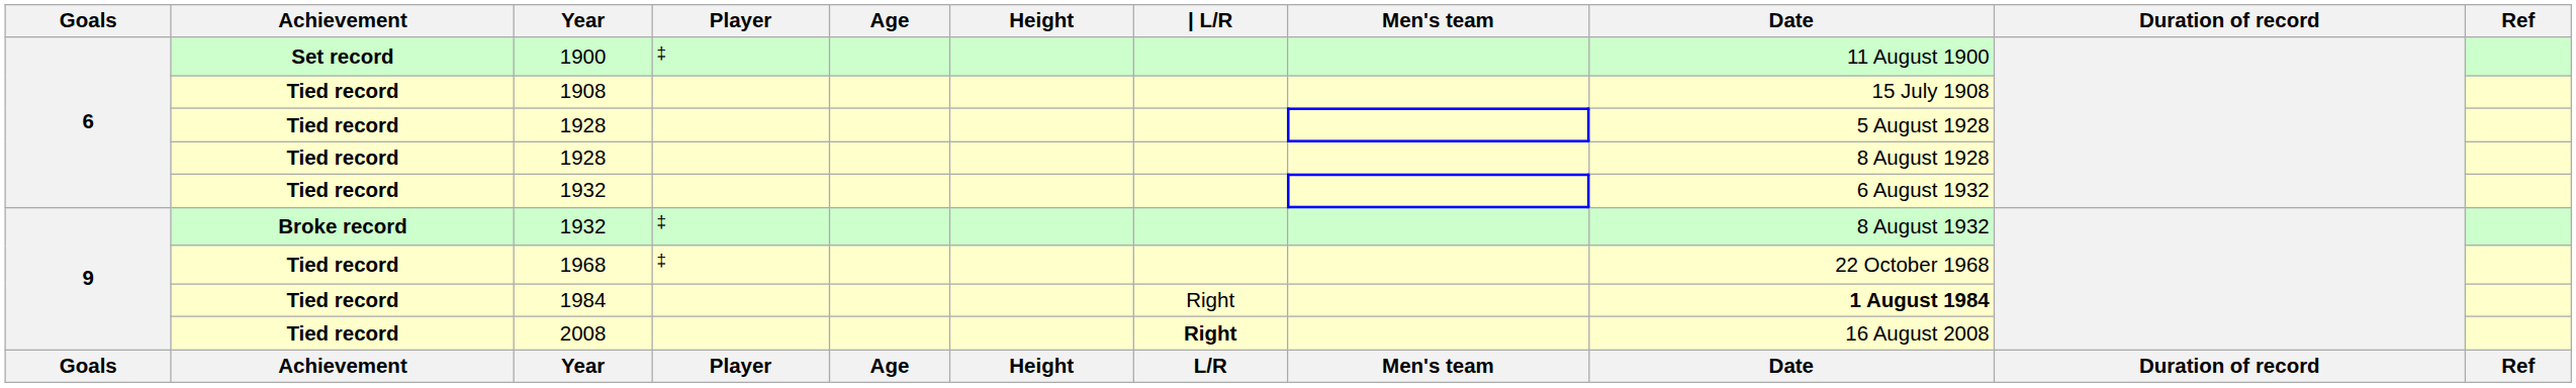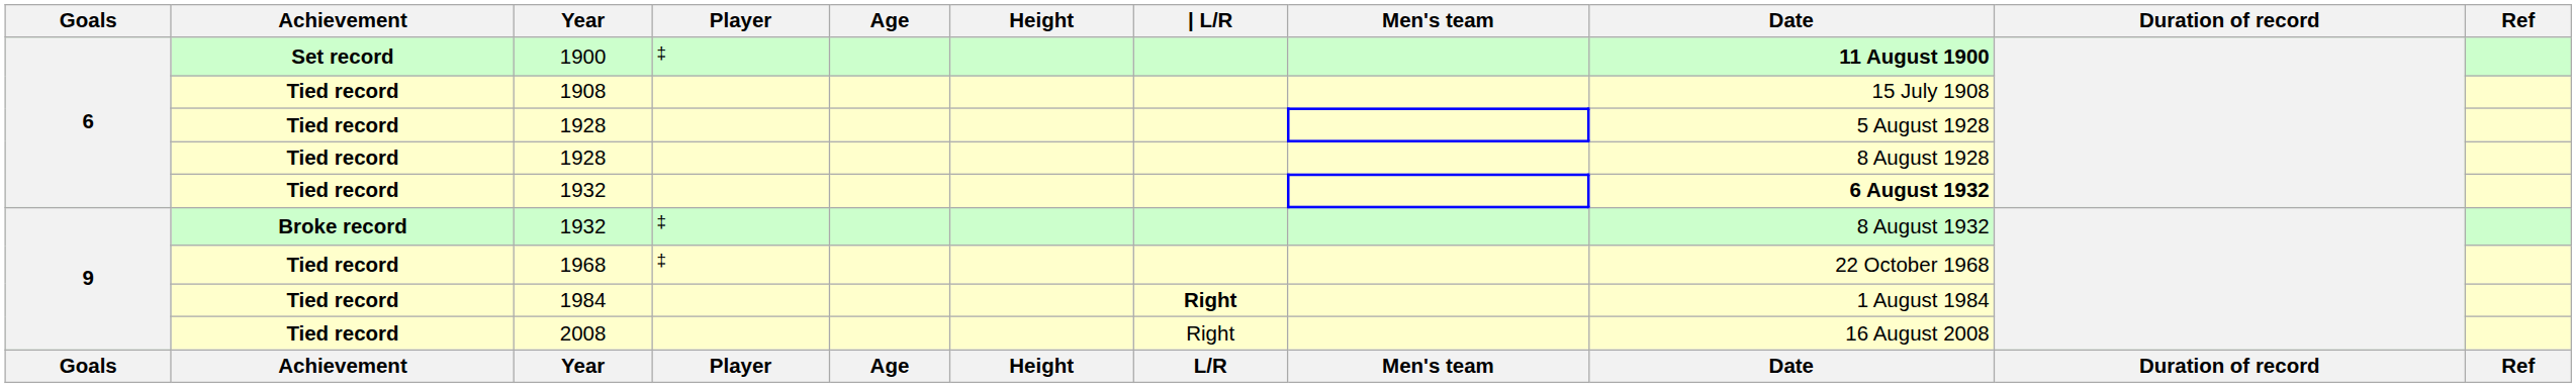 <table class="wikitable sticky-header" style="text-align: center; font-size: 100%; margin-left: 1em; width: 100%">
 <tr>
 <th scope="col">Goals</th>
 <th scope="col">Achievement</th>
 <th scope="col">Year</th>
 <th scope="col">Player</th>
 <th scope="col">Age</th>
 <th scope="col">Height</th>
 <th scope="col">| L/R</th>
 <th scope="col">Men's team</th>
 <th scope="col">Date</th>
 <th scope="col">Duration of record</th>
 <th scope="col">Ref</th>
 </tr>
 <tr style="background-color: #ccffcc;">
 <td rowspan="5" style="background-color: #f2f2f2;"><strong>6</strong></td>
 <td><strong>Set record</strong></td>
 <td>1900</td>
 <td style="text-align: left;"><strong></strong><sup>‡</sup></td>
 <td></td>
 <td></td>
 <td></td>
 <td style="text-align: left;"></td>
-<td style="text-align: right;">11 August 1900</td>
+<td style="text-align: right;"><strong>11 August 1900</strong></td>
 <td rowspan="5" style="background-color: #f2f2f2; text-align: left;"></td>
 <td></td>
 </tr>
 <tr style="background-color: #ffffcc;">
 <td><strong>Tied record</strong></td>
 <td>1908</td>
 <td style="text-align: left;"></td>
 <td></td>
 <td></td>
 <td></td>
 <td style="text-align: left;"></td>
 <td style="text-align: right;">15 July 1908</td>
 <td></td>
 </tr>
 <tr style="background-color: #ffffcc;">
 <td><strong>Tied record</strong></td>
 <td>1928</td>
 <td style="text-align: left;"></td>
 <td></td>
 <td></td>
 <td></td>
 <td style="border: 2px solid blue; text-align: left;"></td>
 <td style="text-align: right;">5 August 1928</td>
 <td></td>
 </tr>
 <tr style="background-color: #ffffcc;">
 <td><strong>Tied record</strong></td>
 <td>1928</td>
 <td style="text-align: left;"></td>
 <td></td>
 <td></td>
 <td></td>
 <td style="text-align: left;"></td>
 <td style="text-align: right;">8 August 1928</td>
 <td></td>
 </tr>
 <tr style="background-color: #ffffcc;">
 <td><strong>Tied record</strong></td>
 <td>1932</td>
 <td style="text-align: left;"></td>
 <td></td>
 <td></td>
 <td></td>
 <td style="border: 2px solid blue; text-align: left;"></td>
-<td style="text-align: right;">6 August 1932</td>
+<td style="text-align: right;"><strong>6 August 1932</strong></td>
 <td></td>
 </tr>
 <tr style="background-color: #ccffcc;">
 <td rowspan="4" style="background-color: #f2f2f2;"><strong>9</strong></td>
 <td><strong>Broke record</strong></td>
 <td>1932</td>
 <td style="text-align: left;"><strong></strong><sup>‡</sup></td>
 <td></td>
 <td></td>
 <td></td>
 <td style="text-align: left;"></td>
 <td style="text-align: right;">8 August 1932</td>
 <td rowspan="4" style="background-color: #f2f2f2; text-align: left;"></td>
 <td></td>
 </tr>
 <tr style="background-color: #ffffcc;">
 <td><strong>Tied record</strong></td>
 <td>1968</td>
 <td style="text-align: left;"><strong></strong><sup>‡</sup></td>
 <td></td>
 <td></td>
 <td></td>
 <td style="text-align: left;"></td>
 <td style="text-align: right;">22 October 1968</td>
 <td></td>
 </tr>
 <tr style="background-color: #ffffcc;">
 <td><strong>Tied record</strong></td>
 <td>1984</td>
 <td style="text-align: left;"></td>
 <td></td>
 <td></td>
-<td>Right</td>
+<td><strong>Right</strong></td>
 <td style="text-align: left;"></td>
-<td style="text-align: right;"><strong>1 August 1984</strong></td>
+<td style="text-align: right;">1 August 1984</td>
 <td></td>
 </tr>
 <tr style="background-color: #ffffcc;">
 <td><strong>Tied record</strong></td>
 <td>2008</td>
 <td style="text-align: left;"></td>
 <td></td>
 <td></td>
-<td><strong>Right</strong></td>
+<td>Right</td>
 <td style="text-align: left;"></td>
 <td style="text-align: right;">16 August 2008</td>
 <td></td>
 </tr>
 <tr>
 <th>Goals</th>
 <th>Achievement</th>
 <th>Year</th>
 <th>Player</th>
 <th>Age</th>
 <th>Height</th>
 <th>L/R</th>
 <th>Men's team</th>
 <th>Date</th>
 <th>Duration of record</th>
 <th>Ref</th>
 </tr>
 </table>
